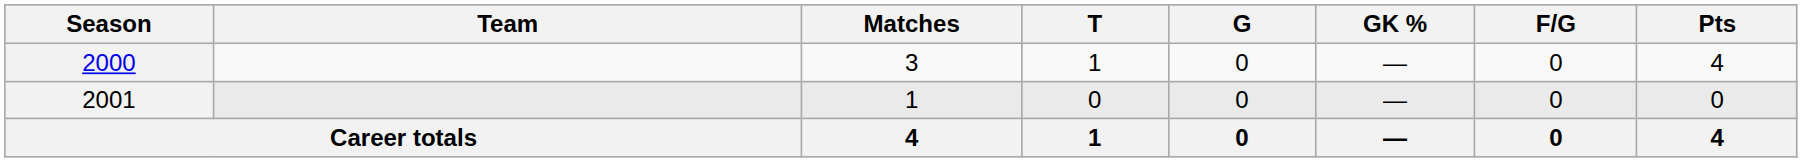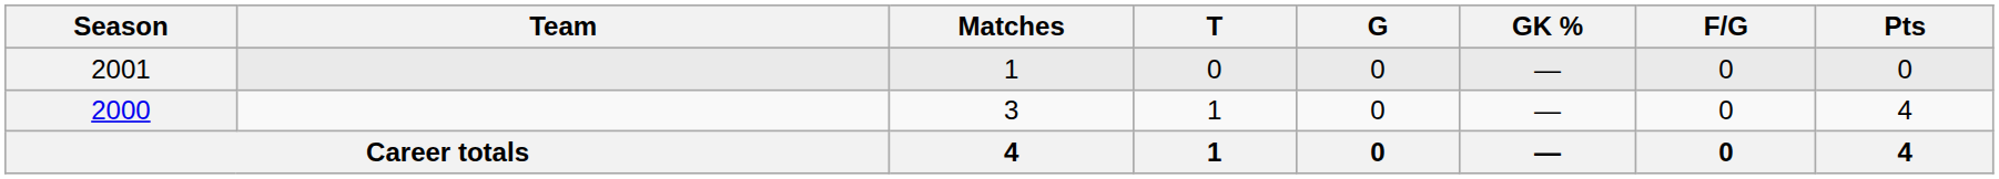 <table class="wikitable sortable"  style="font-size:90%; text-align:center; width:85%;">
 <tr>
 <th width=2%>Season</th>
 <th width=8%>Team</th>
 <th width=2%>Matches</th>
 <th width=2%>T</th>
 <th width=2%>G</th>
 <th width=2%>GK %</th>
 <th width=2%>F/G</th>
 <th width=2%>Pts</th>
 </tr>
+<tr style="background-color: #EAEAEA">
+<th scope="row" style="text-align:center; font-weight:normal">2001</th>
+<td style="text-align:center;"></td>
+<td>1</td>
+<td>0</td>
+<td>0</td>
+<td>—</td>
+<td>0</td>
+<td>0</td>
+</tr>
 <tr>
 <th scope="row" style="text-align:center; font-weight:normal"><a href='#'>2000</a></th>
 <td style="text-align:center;"></td>
 <td>3</td>
 <td>1</td>
 <td>0</td>
 <td>—</td>
 <td>0</td>
 <td>4</td>
-</tr>
-<tr style="background-color: #EAEAEA">
-<th scope="row" style="text-align:center; font-weight:normal">2001</th>
-<td style="text-align:center;"></td>
-<td>1</td>
-<td>0</td>
-<td>0</td>
-<td>—</td>
-<td>0</td>
-<td>0</td>
 </tr>
 <tr class="sortbottom">
 <th colspan=2>Career totals</th>
 <th>4</th>
 <th>1</th>
 <th>0</th>
 <th>—</th>
 <th>0</th>
 <th>4</th>
 </tr>
 </table>
